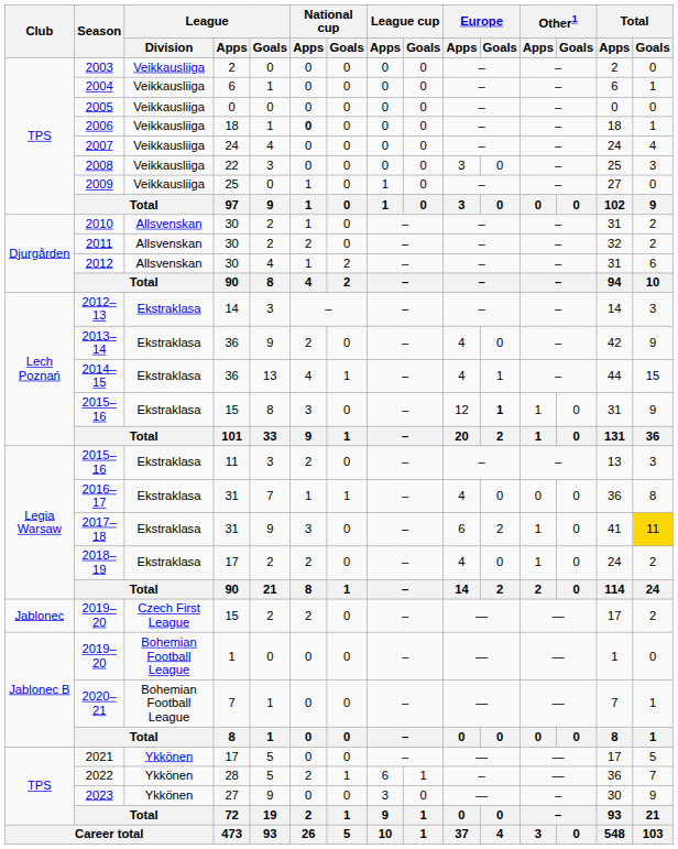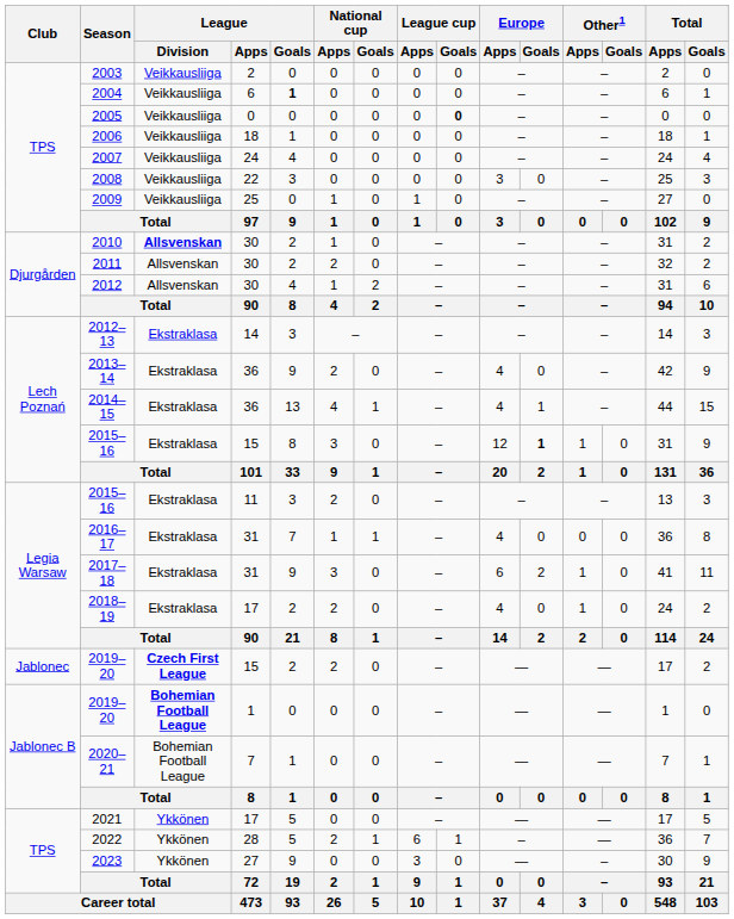 <table class="wikitable" style="text-align: center;">
 <tr>
 <th rowspan="2">Club</th>
 <th rowspan="2">Season</th>
 <th colspan="3">League</th>
 <th colspan="2">National cup</th>
 <th colspan="2">League cup</th>
 <th colspan="2"><a href='#'>Europe</a></th>
 <th colspan="2">Other<sup><a href='#'>1</a></sup></th>
 <th colspan="2">Total</th>
 </tr>
 <tr>
 <th>Division</th>
 <th>Apps</th>
 <th>Goals</th>
 <th>Apps</th>
 <th>Goals</th>
 <th>Apps</th>
 <th>Goals</th>
 <th>Apps</th>
 <th>Goals</th>
 <th>Apps</th>
 <th>Goals</th>
 <th>Apps</th>
 <th>Goals</th>
 </tr>
 <tr>
 <td rowspan=8><a href='#'>TPS</a></td>
 <td><a href='#'>2003</a></td>
 <td><a href='#'>Veikkausliiga</a></td>
 <td>2</td>
 <td>0</td>
 <td>0</td>
 <td>0</td>
 <td>0</td>
 <td>0</td>
 <td colspan=2>–</td>
 <td colspan=2>–</td>
 <td>2</td>
 <td>0</td>
 </tr>
 <tr>
 <td><a href='#'>2004</a></td>
 <td>Veikkausliiga</td>
 <td>6</td>
-<td>1</td>
+<td><strong>1</strong></td>
 <td>0</td>
 <td>0</td>
 <td>0</td>
 <td>0</td>
 <td colspan=2>–</td>
 <td colspan=2>–</td>
 <td>6</td>
 <td>1</td>
 </tr>
 <tr>
 <td><a href='#'>2005</a></td>
 <td>Veikkausliiga</td>
 <td>0</td>
 <td>0</td>
 <td>0</td>
 <td>0</td>
 <td>0</td>
-<td>0</td>
+<td><strong>0</strong></td>
 <td colspan=2>–</td>
 <td colspan=2>–</td>
 <td>0</td>
 <td>0</td>
 </tr>
 <tr>
 <td><a href='#'>2006</a></td>
 <td>Veikkausliiga</td>
 <td>18</td>
 <td>1</td>
-<td><strong>0</strong></td>
+<td>0</td>
 <td>0</td>
 <td>0</td>
 <td>0</td>
 <td colspan=2>–</td>
 <td colspan=2>–</td>
 <td>18</td>
 <td>1</td>
 </tr>
 <tr>
 <td><a href='#'>2007</a></td>
 <td>Veikkausliiga</td>
 <td>24</td>
 <td>4</td>
 <td>0</td>
 <td>0</td>
 <td>0</td>
 <td>0</td>
 <td colspan=2>–</td>
 <td colspan=2>–</td>
 <td>24</td>
 <td>4</td>
 </tr>
 <tr>
 <td><a href='#'>2008</a></td>
 <td>Veikkausliiga</td>
 <td>22</td>
 <td>3</td>
 <td>0</td>
 <td>0</td>
 <td>0</td>
 <td>0</td>
 <td>3</td>
 <td>0</td>
 <td colspan=2>–</td>
 <td>25</td>
 <td>3</td>
 </tr>
 <tr>
 <td><a href='#'>2009</a></td>
 <td>Veikkausliiga</td>
 <td>25</td>
 <td>0</td>
 <td>1</td>
 <td>0</td>
 <td>1</td>
 <td>0</td>
 <td colspan=2>–</td>
 <td colspan=2>–</td>
 <td>27</td>
 <td>0</td>
 </tr>
 <tr>
 <th colspan=2>Total</th>
 <th>97</th>
 <th>9</th>
 <th>1</th>
 <th>0</th>
 <th>1</th>
 <th>0</th>
 <th>3</th>
 <th>0</th>
 <th>0</th>
 <th>0</th>
 <th>102</th>
 <th>9</th>
 </tr>
 <tr>
 <td rowspan="4"><a href='#'>Djurgården</a></td>
 <td><a href='#'>2010</a></td>
-<td><a href='#'>Allsvenskan</a></td>
+<td><strong><a href='#'>Allsvenskan</a></strong></td>
 <td>30</td>
 <td>2</td>
 <td>1</td>
 <td>0</td>
 <td colspan="2">–</td>
 <td colspan="2">–</td>
 <td colspan=2>–</td>
 <td>31</td>
 <td>2</td>
 </tr>
 <tr>
 <td><a href='#'>2011</a></td>
 <td>Allsvenskan</td>
 <td>30</td>
 <td>2</td>
 <td>2</td>
 <td>0</td>
 <td colspan="2">–</td>
 <td colspan="2">–</td>
 <td colspan=2>–</td>
 <td>32</td>
 <td>2</td>
 </tr>
 <tr>
 <td><a href='#'>2012</a></td>
 <td>Allsvenskan</td>
 <td>30</td>
 <td>4</td>
 <td>1</td>
 <td>2</td>
 <td colspan="2">–</td>
 <td colspan="2">–</td>
 <td colspan=2>–</td>
 <td>31</td>
 <td>6</td>
 </tr>
 <tr>
 <th colspan="2">Total</th>
 <th>90</th>
 <th>8</th>
 <th>4</th>
 <th>2</th>
 <th colspan="2">–</th>
 <th colspan="2">–</th>
 <th colspan=2>–</th>
 <th>94</th>
 <th>10</th>
 </tr>
 <tr>
 <td rowspan="5"><a href='#'>Lech Poznań</a></td>
 <td><a href='#'>2012–13</a></td>
 <td><a href='#'>Ekstraklasa</a></td>
 <td>14</td>
 <td>3</td>
 <td colspan="2">–</td>
 <td colspan="2">–</td>
 <td colspan="2">–</td>
 <td colspan=2>–</td>
 <td>14</td>
 <td>3</td>
 </tr>
 <tr>
 <td><a href='#'>2013–14</a></td>
 <td>Ekstraklasa</td>
 <td>36</td>
 <td>9</td>
 <td>2</td>
 <td>0</td>
 <td colspan=2>–</td>
 <td>4</td>
 <td>0</td>
 <td colspan="2">–</td>
 <td>42</td>
 <td>9</td>
 </tr>
 <tr>
 <td><a href='#'>2014–15</a></td>
 <td>Ekstraklasa</td>
 <td>36</td>
 <td>13</td>
 <td>4</td>
 <td>1</td>
 <td colspan=2>–</td>
 <td>4</td>
 <td>1</td>
 <td colspan="2">–</td>
 <td>44</td>
 <td>15</td>
 </tr>
 <tr>
 <td><a href='#'>2015–16</a></td>
 <td>Ekstraklasa</td>
 <td>15</td>
 <td>8</td>
 <td>3</td>
 <td>0</td>
 <td colspan=2>–</td>
 <td>12</td>
 <td><strong>1</strong></td>
 <td>1</td>
 <td>0</td>
 <td>31</td>
 <td>9</td>
 </tr>
 <tr>
 <th colspan="2">Total</th>
 <th>101</th>
 <th>33</th>
 <th>9</th>
 <th>1</th>
 <th colspan=2>–</th>
 <th>20</th>
 <th>2</th>
 <th>1</th>
 <th>0</th>
 <th>131</th>
 <th>36</th>
 </tr>
 <tr>
 <td rowspan="5"><a href='#'>Legia Warsaw</a></td>
 <td><a href='#'>2015–16</a></td>
 <td>Ekstraklasa</td>
 <td>11</td>
 <td>3</td>
 <td>2</td>
 <td>0</td>
 <td colspan=2>–</td>
 <td colspan="2">–</td>
 <td colspan="2">–</td>
 <td>13</td>
 <td>3</td>
 </tr>
 <tr>
 <td><a href='#'>2016–17</a></td>
 <td>Ekstraklasa</td>
 <td>31</td>
 <td>7</td>
 <td>1</td>
 <td>1</td>
 <td colspan=2>–</td>
 <td>4</td>
 <td>0</td>
 <td>0</td>
 <td>0</td>
 <td>36</td>
 <td>8</td>
 </tr>
 <tr>
 <td><a href='#'>2017–18</a></td>
 <td>Ekstraklasa</td>
 <td>31</td>
 <td>9</td>
 <td>3</td>
 <td>0</td>
 <td colspan=2>–</td>
 <td>6</td>
 <td>2</td>
 <td>1</td>
 <td>0</td>
 <td>41</td>
-<td style="background: gold;">11</td>
+<td>11</td>
 </tr>
 <tr>
 <td><a href='#'>2018–19</a></td>
 <td>Ekstraklasa</td>
 <td>17</td>
 <td>2</td>
 <td>2</td>
 <td>0</td>
 <td colspan=2>–</td>
 <td>4</td>
 <td>0</td>
 <td>1</td>
 <td>0</td>
 <td>24</td>
 <td>2</td>
 </tr>
 <tr>
 <th colspan="2">Total</th>
 <th>90</th>
 <th>21</th>
 <th>8</th>
 <th>1</th>
 <th colspan=2>–</th>
 <th>14</th>
 <th>2</th>
 <th>2</th>
 <th>0</th>
 <th>114</th>
 <th>24</th>
 </tr>
 <tr>
 <td rowspan="1"><a href='#'>Jablonec</a></td>
 <td><a href='#'>2019–20</a></td>
-<td><a href='#'>Czech First League</a></td>
+<td><strong><a href='#'>Czech First League</a></strong></td>
 <td>15</td>
 <td>2</td>
 <td>2</td>
 <td>0</td>
 <td colspan=2>–</td>
 <td colspan="2">—</td>
 <td colspan="2">—</td>
 <td>17</td>
 <td>2</td>
 </tr>
 <tr>
 <td rowspan="3"><a href='#'>Jablonec B</a></td>
 <td><a href='#'>2019–20</a></td>
-<td><a href='#'>Bohemian Football League</a></td>
+<td><strong><a href='#'>Bohemian Football League</a></strong></td>
 <td>1</td>
 <td>0</td>
 <td>0</td>
 <td>0</td>
 <td colspan=2>–</td>
 <td colspan="2">—</td>
 <td colspan="2">—</td>
 <td>1</td>
 <td>0</td>
 </tr>
 <tr>
 <td><a href='#'>2020–21</a></td>
 <td>Bohemian Football League</td>
 <td>7</td>
 <td>1</td>
 <td>0</td>
 <td>0</td>
 <td colspan=2>–</td>
 <td colspan="2">—</td>
 <td colspan="2">—</td>
 <td>7</td>
 <td>1</td>
 </tr>
 <tr>
 <th colspan="2">Total</th>
 <th>8</th>
 <th>1</th>
 <th>0</th>
 <th>0</th>
 <th colspan=2>–</th>
 <th>0</th>
 <th>0</th>
 <th>0</th>
 <th>0</th>
 <th>8</th>
 <th>1</th>
 </tr>
 <tr>
 <td rowspan="4"><a href='#'>TPS</a></td>
 <td>2021</td>
 <td><a href='#'>Ykkönen</a></td>
 <td>17</td>
 <td>5</td>
 <td>0</td>
 <td>0</td>
 <td colspan=2>–</td>
 <td colspan="2">—</td>
 <td colspan="2">—</td>
 <td>17</td>
 <td>5</td>
 </tr>
 <tr>
 <td>2022</td>
 <td>Ykkönen</td>
 <td>28</td>
 <td>5</td>
 <td>2</td>
 <td>1</td>
 <td>6</td>
 <td>1</td>
 <td colspan=2>–</td>
 <td colspan="2">—</td>
 <td>36</td>
 <td>7</td>
 </tr>
 <tr>
 <td><a href='#'>2023</a></td>
 <td>Ykkönen</td>
 <td>27</td>
 <td>9</td>
 <td>0</td>
 <td>0</td>
 <td>3</td>
 <td>0</td>
 <td colspan="2">—</td>
 <td colspan=2>–</td>
 <td>30</td>
 <td>9</td>
 </tr>
 <tr>
 <th colspan="2">Total</th>
 <th>72</th>
 <th>19</th>
 <th>2</th>
 <th>1</th>
 <th>9</th>
 <th>1</th>
 <th>0</th>
 <th>0</th>
 <th colspan=2>–</th>
 <th>93</th>
 <th>21</th>
 </tr>
 <tr>
 <th colspan=3>Career total</th>
 <th>473</th>
 <th>93</th>
 <th>26</th>
 <th>5</th>
 <th>10</th>
 <th>1</th>
 <th>37</th>
 <th>4</th>
 <th>3</th>
 <th>0</th>
 <th>548</th>
 <th>103</th>
 </tr>
 </table>
